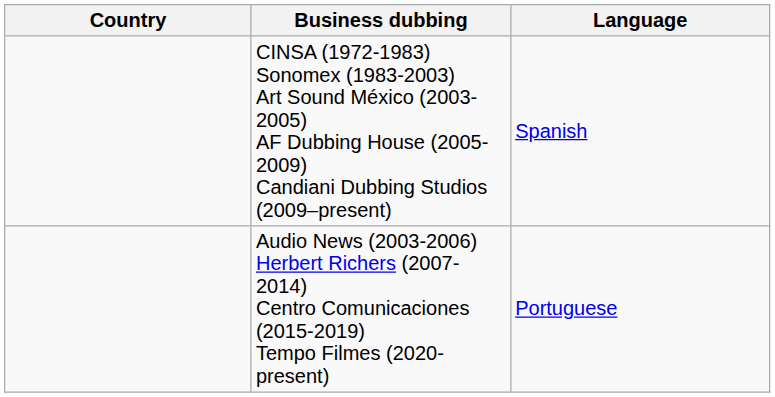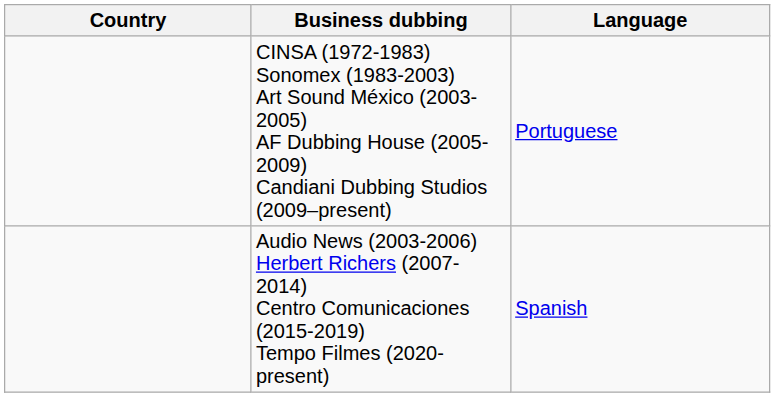 <table class=wikitable>
 <tr>
 <th width=190>Country</th>
 <th width=200>Business dubbing</th>
 <th width=200>Language</th>
 </tr>
 <tr>
 <td></td>
 <td>CINSA (1972-1983)<br> Sonomex (1983-2003)<br>Art Sound México (2003-2005)<br>AF Dubbing House (2005-2009)<br>Candiani Dubbing Studios (2009–present)</td>
-<td><a href='#'>Spanish</a></td>
+<td><a href='#'>Portuguese</a></td>
 </tr>
 <tr>
 <td></td>
 <td>Audio News (2003-2006)<br><a href='#'>Herbert Richers</a> (2007-2014)<br>Centro Comunicaciones (2015-2019)<br>Tempo Filmes (2020-present)</td>
-<td><a href='#'>Portuguese</a></td>
+<td><a href='#'>Spanish</a></td>
 </tr>
 </table>
